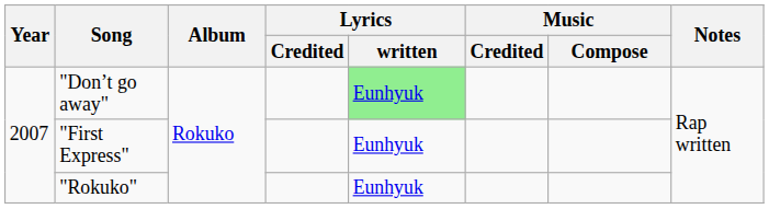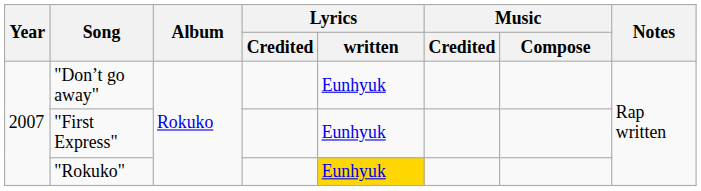 <table class="wikitable"  style="width:100%">
 <tr>
 <th rowspan=2 width=50px>Year</th>
 <th rowspan=2 width=300px>Song</th>
 <th rowspan=2 width=300px>Album</th>
 <th colspan="2">Lyrics</th>
 <th colspan="2">Music</th>
 <th rowspan=2 width=300px>Notes</th>
 </tr>
 <tr>
 <th width=50px>Credited</th>
 <th width=400px>written</th>
 <th width=50px>Credited</th>
 <th width=400px>Compose</th>
 </tr>
 <tr>
 <td rowspan=3>2007</td>
 <td>"Don’t go away"</td>
 <td rowspan=3><a href='#'>Rokuko</a></td>
 <td></td>
-<td style="background: lightgreen;"><a href='#'>Eunhyuk</a></td>
+<td><a href='#'>Eunhyuk</a></td>
 <td></td>
 <td></td>
 <td rowspan=3>Rap written</td>
 </tr>
 <tr>
 <td>"First Express"</td>
 <td></td>
 <td><a href='#'>Eunhyuk</a></td>
 <td></td>
 <td></td>
 </tr>
 <tr>
 <td>"Rokuko"</td>
 <td></td>
-<td><a href='#'>Eunhyuk</a></td>
+<td style="background: gold;"><a href='#'>Eunhyuk</a></td>
 <td></td>
 <td></td>
 </tr>
 </table>
